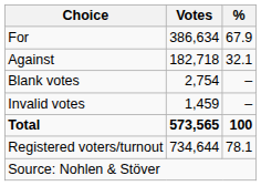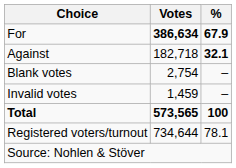 <table class=wikitable style=text-align:right>
 <tr>
 <th>Choice</th>
 <th>Votes</th>
 <th>%</th>
 </tr>
 <tr>
 <td align=left>For</td>
-<td>386,634</td>
-<td>67.9</td>
+<td><strong>386,634</strong></td>
+<td><strong>67.9</strong></td>
 </tr>
 <tr>
 <td align=left>Against</td>
 <td>182,718</td>
-<td>32.1</td>
+<td><strong>32.1</strong></td>
 </tr>
 <tr>
 <td align=left>Blank votes</td>
 <td>2,754</td>
 <td>–</td>
 </tr>
 <tr>
 <td align=left>Invalid votes</td>
 <td>1,459</td>
 <td>–</td>
 </tr>
 <tr>
 <td align=left><strong>Total</strong></td>
 <td><strong>573,565</strong></td>
 <td><strong>100</strong></td>
 </tr>
 <tr>
 <td align=left>Registered voters/turnout</td>
 <td>734,644</td>
 <td>78.1</td>
 </tr>
 <tr>
 <td align=left colspan=3>Source: Nohlen & Stöver</td>
 </tr>
 </table>
